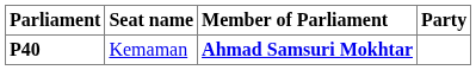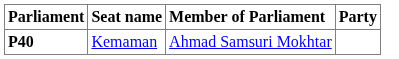 <table class="toccolours sortable" border="1" cellpadding="3" style="border-collapse:collapse; text-align: left;">
 <tr>
 <th align="center">Parliament</th>
 <th>Seat name</th>
 <th>Member of Parliament</th>
 <th>Party</th>
 </tr>
 <tr>
 <th align="left">P40</th>
 <td><a href='#'>Kemaman</a></td>
-<td><strong><a href='#'>Ahmad Samsuri Mokhtar</a></strong></td>
+<td><a href='#'>Ahmad Samsuri Mokhtar</a></td>
 <td></td>
 </tr>
 <tr>
 </tr>
 </table>
